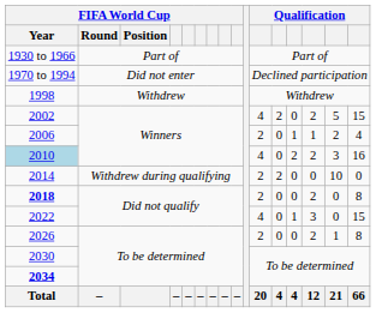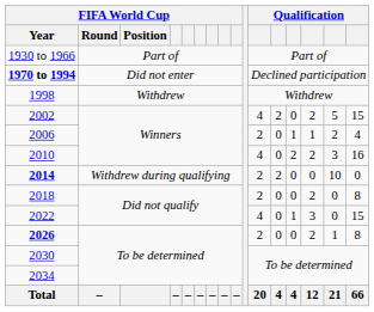 <table class="wikitable" style="text-align: center;">
 <tr>
 <th colspan=9><a href='#'>FIFA World Cup</a></th>
 <th rowspan=28></th>
 <th colspan=6><a href='#'>Qualification</a></th>
 </tr>
 <tr>
 <th>Year</th>
 <th>Round</th>
 <th>Position</th>
 <th></th>
 <th></th>
 <th></th>
 <th></th>
 <th></th>
 <th></th>
 <th></th>
 <th></th>
 <th></th>
 <th></th>
 <th></th>
 <th></th>
 </tr>
 <tr>
 <td><a href='#'>1930</a> to <a href='#'>1966</a></td>
 <td colspan=8><em>Part of </em></td>
 <td colspan=6><em>Part of </em></td>
 </tr>
 <tr>
-<td><a href='#'>1970</a> to <a href='#'>1994</a></td>
+<td><strong><a href='#'>1970</a> to <a href='#'>1994</a></strong></td>
 <td colspan=8><em>Did not enter</em></td>
 <td colspan=6><em>Declined participation</em></td>
 </tr>
 <tr>
 <td> <a href='#'>1998</a></td>
 <td colspan=8><em>Withdrew</em></td>
 <td colspan=6><em>Withdrew</em></td>
 </tr>
 <tr>
 <td>  <a href='#'>2002</a></td>
 <td colspan=8 rowspan=3><em>Winners</em></td>
 <td>4</td>
 <td>2</td>
 <td>0</td>
 <td>2</td>
 <td>5</td>
 <td>15</td>
 </tr>
 <tr>
 <td> <a href='#'>2006</a></td>
 <td>2</td>
 <td>0</td>
 <td>1</td>
 <td>1</td>
 <td>2</td>
 <td>4</td>
 </tr>
 <tr>
-<td style="background: lightblue;"> <a href='#'>2010</a></td>
+<td> <a href='#'>2010</a></td>
 <td>4</td>
 <td>0</td>
 <td>2</td>
 <td>2</td>
 <td>3</td>
 <td>16</td>
 </tr>
 <tr>
-<td> <a href='#'>2014</a></td>
+<td><strong> <a href='#'>2014</a></strong></td>
 <td colspan=8><em>Withdrew during qualifying</em></td>
 <td>2</td>
 <td>2</td>
 <td>0</td>
 <td>0</td>
 <td>10</td>
 <td>0</td>
 </tr>
 <tr>
-<td><strong> <a href='#'>2018</a></strong></td>
+<td> <a href='#'>2018</a></td>
 <td rowspan=2 colspan=8><em>Did not qualify</em></td>
 <td>2</td>
 <td>0</td>
 <td>0</td>
 <td>2</td>
 <td>0</td>
 <td>8</td>
 </tr>
 <tr>
 <td> <a href='#'>2022</a></td>
 <td>4</td>
 <td>0</td>
 <td>1</td>
 <td>3</td>
 <td>0</td>
 <td>15</td>
 </tr>
 <tr>
-<td>   <a href='#'>2026</a></td>
+<td><strong>   <a href='#'>2026</a></strong></td>
 <td colspan=8 rowspan=3><em>To be determined</em></td>
 <td>2</td>
 <td>0</td>
 <td>0</td>
 <td>2</td>
 <td>1</td>
 <td>8</td>
 </tr>
 <tr>
 <td>   <a href='#'>2030</a></td>
 <td colspan=6 rowspan=2><em>To be determined</em></td>
 </tr>
 <tr>
-<td><strong> <a href='#'>2034</a></strong></td>
+<td> <a href='#'>2034</a></td>
 </tr>
 <tr>
 <th>Total</th>
 <th>–</th>
 <th></th>
 <th>–</th>
 <th>–</th>
 <th>–</th>
 <th>–</th>
 <th>–</th>
 <th>–</th>
 <th>20</th>
 <th>4</th>
 <th>4</th>
 <th>12</th>
 <th>21</th>
 <th>66</th>
 </tr>
 </table>
